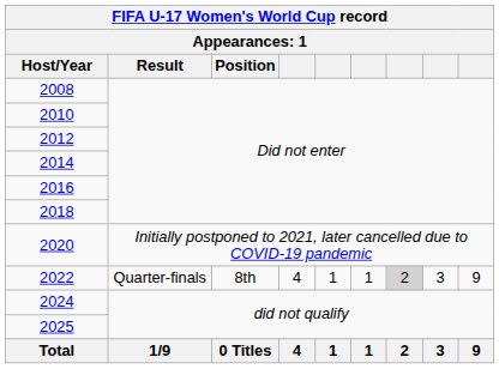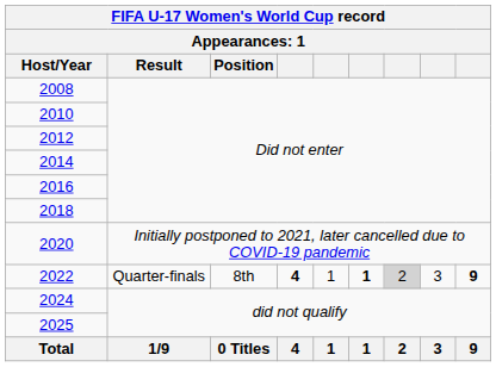 <table class="wikitable" style="text-align: center;">
 <tr>
 <th colspan=9 style="background:color: #0000FF;"><a href='#'>FIFA U-17 Women's World Cup</a> record</th>
 </tr>
 <tr>
 <th colspan=9>Appearances: 1</th>
 </tr>
 <tr>
 <th style="width:100px;">Host/Year</th>
 <th style="width:100px;">Result</th>
 <th style="width:60px;">Position</th>
 <th style="width:30px;"></th>
 <th style="width:30px;"></th>
 <th style="width:30px;"></th>
 <th style="width:30px;"></th>
 <th style="width:30px;"></th>
 <th style="width:30px;"></th>
 </tr>
 <tr>
 <td> <a href='#'>2008</a></td>
 <td rowspan=6 colspan=8><em>Did not enter</em></td>
 </tr>
 <tr>
 <td> <a href='#'>2010</a></td>
 </tr>
 <tr>
 <td> <a href='#'>2012</a></td>
 </tr>
 <tr>
 <td> <a href='#'>2014</a></td>
 </tr>
 <tr>
 <td> <a href='#'>2016</a></td>
 </tr>
 <tr>
 <td> <a href='#'>2018</a></td>
 </tr>
 <tr>
 <td> <a href='#'>2020</a></td>
 <td colspan=8><em>Initially postponed to 2021, later cancelled due to <a href='#'>COVID-19 pandemic</a></em></td>
 </tr>
 <tr>
 <td> <a href='#'>2022</a></td>
 <td>Quarter-finals</td>
 <td>8th</td>
-<td>4</td>
+<td><strong>4</strong></td>
 <td>1</td>
-<td>1</td>
+<td><strong>1</strong></td>
 <td style="background: lightgrey;">2</td>
 <td>3</td>
-<td>9</td>
+<td><strong>9</strong></td>
 </tr>
 <tr>
 <td> <a href='#'>2024</a></td>
 <td rowspan=2 colspan=8><em>did not qualify</em></td>
 </tr>
 <tr>
 <td> <a href='#'>2025</a></td>
 </tr>
 <tr>
 <th><strong>Total</strong></th>
 <th>1/9</th>
 <th><strong>0 Titles</strong></th>
 <th>4</th>
 <th>1</th>
 <th>1</th>
 <th>2</th>
 <th>3</th>
 <th>9</th>
 </tr>
 </table>
